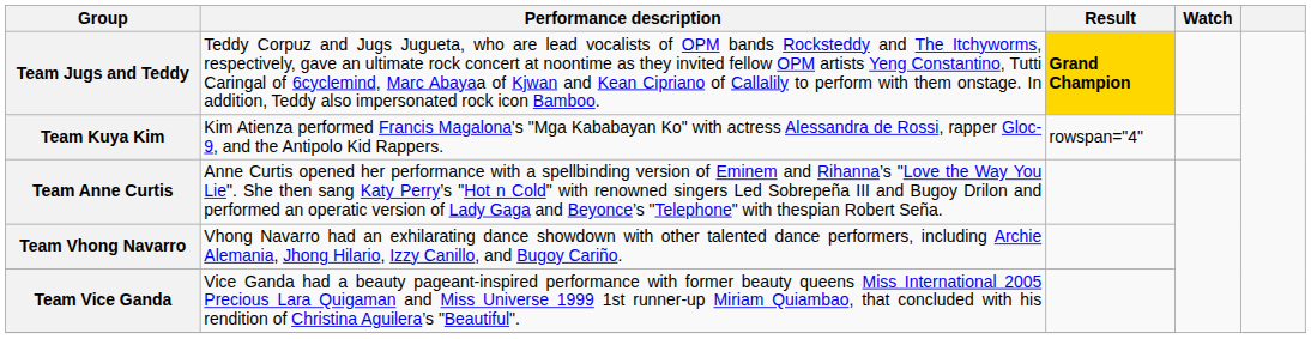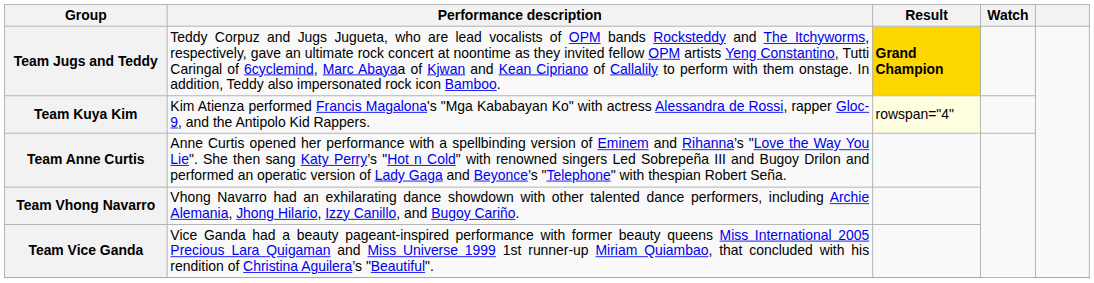 <table class="wikitable style="text-align:center; font-size:90%; line-height:18px; width:100%">
 <tr>
 <th width="15%">Group</th>
 <th width="65%">Performance description</th>
 <th width="10%">Result</th>
 <th width="5%">Watch</th>
 <th width="5%"></th>
 </tr>
 <tr>
 <th>Team Jugs and Teddy</th>
 <td align="justify">Teddy Corpuz and Jugs Jugueta, who are lead vocalists of <a href='#'>OPM</a> bands <a href='#'>Rocksteddy</a> and <a href='#'>The Itchyworms</a>, respectively, gave an ultimate rock concert at noontime as they invited fellow <a href='#'>OPM</a> artists <a href='#'>Yeng Constantino</a>, Tutti Caringal of <a href='#'>6cyclemind</a>, <a href='#'>Marc Abaya</a>a of <a href='#'>Kjwan</a> and <a href='#'>Kean Cipriano</a> of <a href='#'>Callalily</a> to perform with them onstage. In addition, Teddy also impersonated rock icon <a href='#'>Bamboo</a>.</td>
 <td style="background:gold"><strong>Grand Champion</strong></td>
 <td></td>
 <td rowspan="5" style="text-align:center;"></td>
 </tr>
 <tr>
 <th>Team Kuya Kim</th>
 <td align="justify">Kim Atienza performed <a href='#'>Francis Magalona</a>'s "Mga Kababayan Ko" with actress <a href='#'>Alessandra de Rossi</a>, rapper <a href='#'>Gloc-9</a>, and the Antipolo Kid Rappers.</td>
-<td>rowspan="4" </td>
+<td style="background: lightyellow;">rowspan="4" </td>
 <td></td>
 </tr>
 <tr>
 <th>Team Anne Curtis</th>
 <td align="justify">Anne Curtis opened her performance with a spellbinding version of <a href='#'>Eminem</a> and <a href='#'>Rihanna</a>’s "<a href='#'>Love the Way You Lie</a>". She then sang <a href='#'>Katy Perry</a>’s "<a href='#'>Hot n Cold</a>" with renowned singers Led Sobrepeña III and Bugoy Drilon and performed an operatic version of <a href='#'>Lady Gaga</a> and <a href='#'>Beyonce</a>’s "<a href='#'>Telephone</a>" with thespian Robert Seña.</td>
 <td></td>
 </tr>
 <tr>
 <th>Team Vhong Navarro</th>
 <td align="justify">Vhong Navarro had an exhilarating dance showdown with other talented dance performers, including <a href='#'>Archie Alemania</a>, <a href='#'>Jhong Hilario</a>, <a href='#'>Izzy Canillo</a>, and <a href='#'>Bugoy Cariño</a>.</td>
 <td></td>
 </tr>
 <tr>
 <th>Team Vice Ganda</th>
 <td align="justify">Vice Ganda had a beauty pageant-inspired performance with former beauty queens <a href='#'>Miss International 2005</a> <a href='#'>Precious Lara Quigaman</a> and <a href='#'>Miss Universe 1999</a> 1st runner-up <a href='#'>Miriam Quiambao</a>, that concluded with his rendition of <a href='#'>Christina Aguilera</a>’s "<a href='#'>Beautiful</a>".</td>
 <td></td>
 </tr>
 <tr>
 </tr>
 </table>
